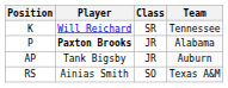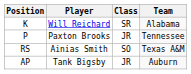 <table class="wikitable sortable">
 <tr>
 <th>Position</th>
 <th>Player</th>
 <th>Class</th>
 <th>Team</th>
 </tr>
 <tr style="text-align:center;">
 <td style="background:white">K</td>
 <td style="background:white"><a href='#'>Will Reichard</a></td>
 <td style="background:white">SR</td>
+<td>Alabama</td>
+</tr>
+<tr style="text-align:center;">
+<td style="background:white">P</td>
+<td style="background:white">Paxton Brooks</td>
+<td style="background:white">JR</td>
 <td>Tennessee</td>
 </tr>
 <tr style="text-align:center;">
-<td style="background:white">P</td>
-<td style="background:white"><strong>Paxton Brooks</strong></td>
-<td style="background:white">JR</td>
-<td>Alabama</td>
+<td style="background:white">RS</td>
+<td style="background:white">Ainias Smith</td>
+<td style="background:white">SO</td>
+<td>Texas A&M</td>
 </tr>
 <tr style="text-align:center;">
 <td style="background:white">AP</td>
 <td style="background:white">Tank Bigsby</td>
 <td style="background:white">JR</td>
 <td>Auburn</td>
 </tr>
-<tr style="text-align:center;">
-<td style="background:white">RS</td>
-<td style="background:white">Ainias Smith</td>
-<td style="background:white">SO</td>
-<td>Texas A&M</td>
-</tr>
 </table>
